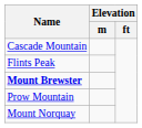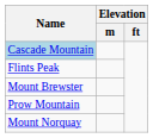 <table class="wikitable sortable">
 <tr>
 <th rowspan=2>Name</th>
 <th colspan=2>Elevation</th>
 </tr>
 <tr>
 <th>m</th>
 <th>ft</th>
 </tr>
 <tr>
-<td><a href='#'>Cascade Mountain</a></td>
+<td style="background: lightblue;"><a href='#'>Cascade Mountain</a></td>
 <td></td>
 </tr>
 <tr>
 <td><a href='#'>Flints Peak</a></td>
 <td></td>
 </tr>
 <tr>
-<td><strong><a href='#'>Mount Brewster</a></strong></td>
+<td><a href='#'>Mount Brewster</a></td>
 <td></td>
 </tr>
 <tr>
 <td><a href='#'>Prow Mountain</a></td>
 <td></td>
 </tr>
 <tr>
 <td><a href='#'>Mount Norquay</a></td>
 <td></td>
 </tr>
 </table>
